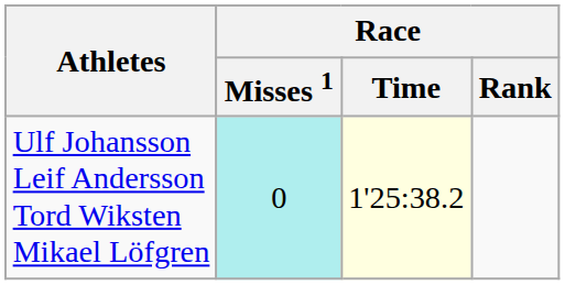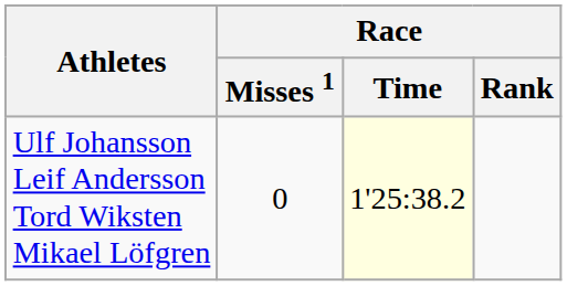 <table class="wikitable" border="1" style="font-size:90%">
 <tr>
 <th rowspan=2>Athletes</th>
 <th colspan=3>Race</th>
 </tr>
 <tr>
 <th>Misses <sup>1</sup></th>
 <th>Time</th>
 <th>Rank</th>
 </tr>
 <tr>
 <td><a href='#'>Ulf Johansson</a><br><a href='#'>Leif Andersson</a><br><a href='#'>Tord Wiksten</a><br><a href='#'>Mikael Löfgren</a></td>
-<td align=center style="background: paleturquoise;">0</td>
+<td align=center>0</td>
 <td align=center style="background: lightyellow;">1'25:38.2</td>
 <td align=center></td>
 </tr>
 </table>
